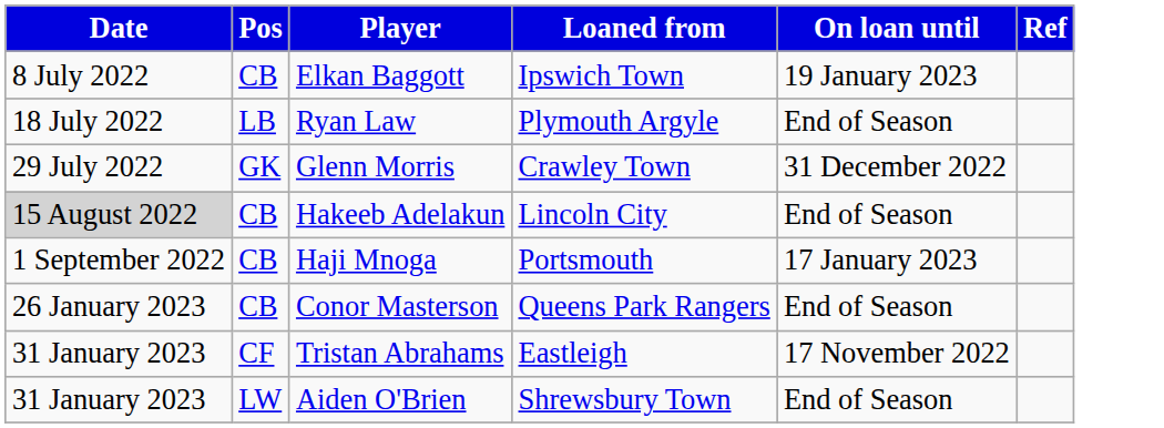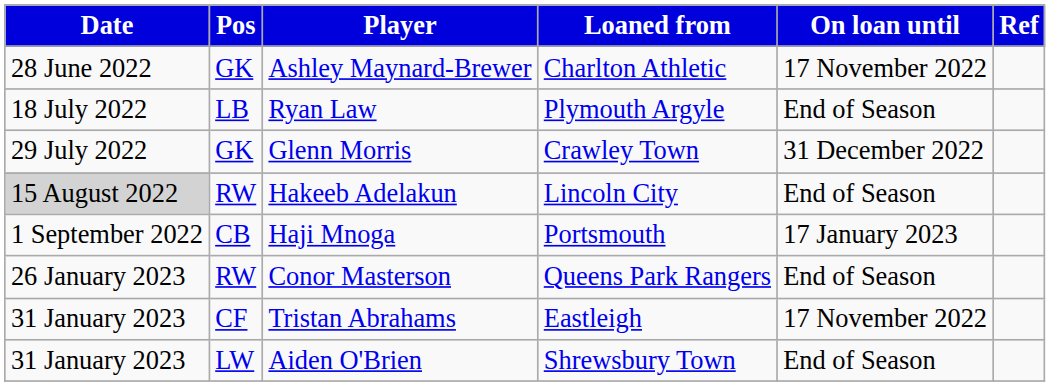 <table class="wikitable plainrowheaders sortable">
 <tr>
 <th style="background:#0000dd; color:#fff; ">Date</th>
 <th style="background:#0000dd; color:#fff; ">Pos</th>
 <th style="background:#0000dd; color:#fff; ">Player</th>
 <th style="background:#0000dd; color:#fff; ">Loaned from</th>
 <th style="background:#0000dd; color:#fff; ">On loan until</th>
 <th style="background:#0000dd; color:#fff; ">Ref</th>
 </tr>
 <tr>
-<td>8 July 2022</td>
-<td><a href='#'>CB</a></td>
-<td> <a href='#'>Elkan Baggott</a></td>
-<td> <a href='#'>Ipswich Town</a></td>
-<td>19 January 2023</td>
+<td>28 June 2022</td>
+<td><a href='#'>GK</a></td>
+<td> <a href='#'>Ashley Maynard-Brewer</a></td>
+<td> <a href='#'>Charlton Athletic</a></td>
+<td>17 November 2022</td>
 <td></td>
 </tr>
 <tr>
 <td>18 July 2022</td>
 <td><a href='#'>LB</a></td>
 <td> <a href='#'>Ryan Law</a></td>
 <td> <a href='#'>Plymouth Argyle</a></td>
 <td>End of Season</td>
 <td></td>
 </tr>
 <tr>
 <td>29 July 2022</td>
 <td><a href='#'>GK</a></td>
 <td> <a href='#'>Glenn Morris</a></td>
 <td> <a href='#'>Crawley Town</a></td>
 <td>31 December 2022</td>
 <td></td>
 </tr>
 <tr>
 <td style="background: lightgrey;">15 August 2022</td>
-<td><a href='#'>CB</a></td>
+<td><a href='#'>RW</a></td>
 <td> <a href='#'>Hakeeb Adelakun</a></td>
 <td> <a href='#'>Lincoln City</a></td>
 <td>End of Season</td>
 <td></td>
 </tr>
 <tr>
 <td>1 September 2022</td>
 <td><a href='#'>CB</a></td>
 <td> <a href='#'>Haji Mnoga</a></td>
 <td> <a href='#'>Portsmouth</a></td>
 <td>17 January 2023</td>
 <td></td>
 </tr>
 <tr>
 <td>26 January 2023</td>
-<td><a href='#'>CB</a></td>
+<td><a href='#'>RW</a></td>
 <td> <a href='#'>Conor Masterson</a></td>
 <td> <a href='#'>Queens Park Rangers</a></td>
 <td>End of Season</td>
 <td></td>
 </tr>
 <tr>
 <td>31 January 2023</td>
 <td><a href='#'>CF</a></td>
 <td> <a href='#'>Tristan Abrahams</a></td>
 <td> <a href='#'>Eastleigh</a></td>
 <td>17 November 2022</td>
 <td></td>
 </tr>
 <tr>
 <td>31 January 2023</td>
 <td><a href='#'>LW</a></td>
 <td> <a href='#'>Aiden O'Brien</a></td>
 <td> <a href='#'>Shrewsbury Town</a></td>
 <td>End of Season</td>
 <td></td>
 </tr>
 </table>
